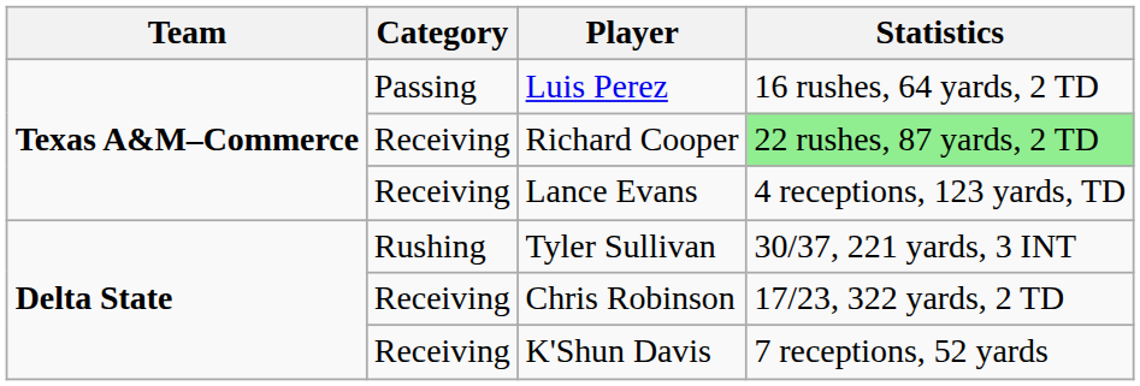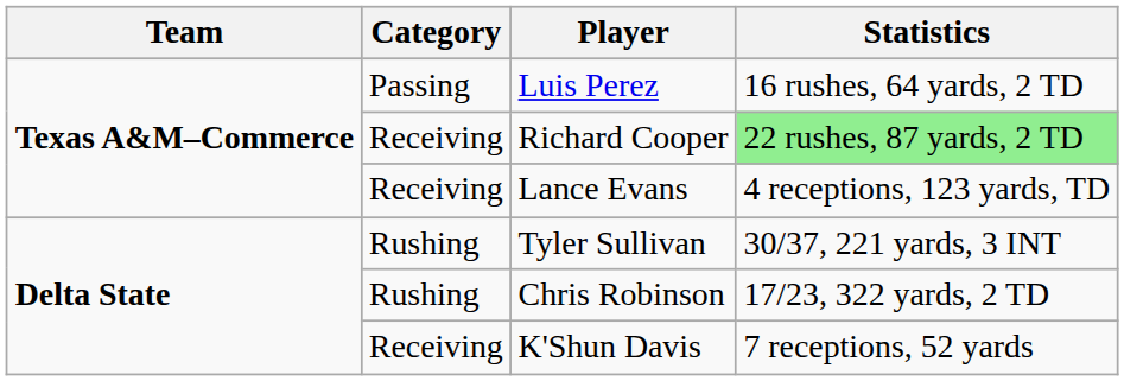 <table class="wikitable" style="float: right;">
 <tr>
 <th>Team</th>
 <th>Category</th>
 <th>Player</th>
 <th>Statistics</th>
 </tr>
 <tr>
 <td rowspan=3><strong>Texas A&M–Commerce</strong></td>
 <td>Passing</td>
 <td><a href='#'>Luis Perez</a></td>
 <td>16 rushes, 64 yards, 2 TD</td>
 </tr>
 <tr>
 <td>Receiving</td>
 <td>Richard Cooper</td>
 <td style="background: lightgreen;">22 rushes, 87 yards, 2 TD</td>
 </tr>
 <tr>
 <td>Receiving</td>
 <td>Lance Evans</td>
 <td>4 receptions, 123 yards, TD</td>
 </tr>
 <tr>
 <td rowspan=3><strong>Delta State</strong></td>
 <td>Rushing</td>
 <td>Tyler Sullivan</td>
 <td>30/37, 221 yards, 3 INT</td>
 </tr>
 <tr>
-<td>Receiving</td>
+<td>Rushing</td>
 <td>Chris Robinson</td>
 <td>17/23, 322 yards, 2 TD</td>
 </tr>
 <tr>
 <td>Receiving</td>
 <td>K'Shun Davis</td>
 <td>7 receptions, 52 yards</td>
 </tr>
 </table>
